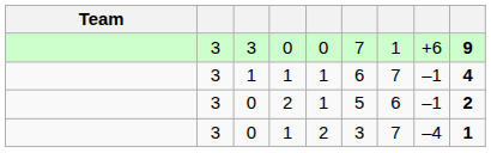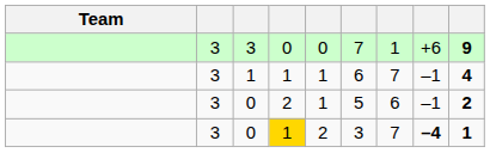 <table class="wikitable" style="text-align:center">
 <tr>
 <th width="165">Team</th>
 <th width="25"></th>
 <th width="25"></th>
 <th width="25"></th>
 <th width="25"></th>
 <th width="25"></th>
 <th width="25"></th>
 <th width="25"></th>
 <th width="25"></th>
 </tr>
 <tr style="background:#cfc">
 <td style="text-align:left"></td>
 <td>3</td>
 <td>3</td>
 <td>0</td>
 <td>0</td>
 <td>7</td>
 <td>1</td>
 <td>+6</td>
 <td><strong>9</strong></td>
 </tr>
 <tr>
 <td style="text-align:left"></td>
 <td>3</td>
 <td>1</td>
 <td>1</td>
 <td>1</td>
 <td>6</td>
 <td>7</td>
 <td>–1</td>
 <td><strong>4</strong></td>
 </tr>
 <tr>
 <td style="text-align:left"></td>
 <td>3</td>
 <td>0</td>
 <td>2</td>
 <td>1</td>
 <td>5</td>
 <td>6</td>
 <td>–1</td>
 <td><strong>2</strong></td>
 </tr>
 <tr>
 <td style="text-align:left"></td>
 <td>3</td>
 <td>0</td>
-<td>1</td>
+<td style="background: gold;">1</td>
 <td>2</td>
 <td>3</td>
 <td>7</td>
-<td>–4</td>
+<td><strong>–4</strong></td>
 <td><strong>1</strong></td>
 </tr>
 </table>
